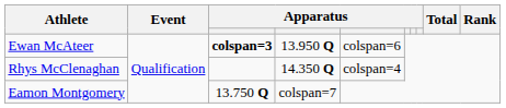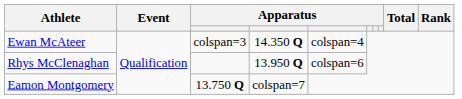 <table class=wikitable style=font-size:90%;text-align:center>
 <tr>
 <th rowspan=2>Athlete</th>
 <th rowspan=2>Event</th>
 <th colspan=6>Apparatus</th>
 <th rowspan=2>Total</th>
 <th rowspan=2>Rank</th>
 </tr>
 <tr style=font-size:95%>
 <th></th>
 <th></th>
 <th></th>
 <th></th>
 <th></th>
 <th></th>
 </tr>
 <tr>
 <td align=left><a href='#'>Ewan McAteer</a></td>
 <td align=left rowspan=3><a href='#'>Qualification</a></td>
-<td><strong>colspan=3 </strong></td>
-<td>13.950 <strong>Q</strong></td>
-<td>colspan=6 </td>
+<td>colspan=3 </td>
+<td>14.350 <strong>Q</strong></td>
+<td>colspan=4 </td>
 </tr>
 <tr>
 <td align=left><a href='#'>Rhys McClenaghan</a></td>
 <td></td>
-<td>14.350 <strong>Q</strong></td>
-<td>colspan=4 </td>
+<td>13.950 <strong>Q</strong></td>
+<td>colspan=6 </td>
 </tr>
 <tr>
 <td align=left><a href='#'>Eamon Montgomery</a></td>
 <td>13.750 <strong>Q</strong></td>
 <td>colspan=7 </td>
 </tr>
 </table>
